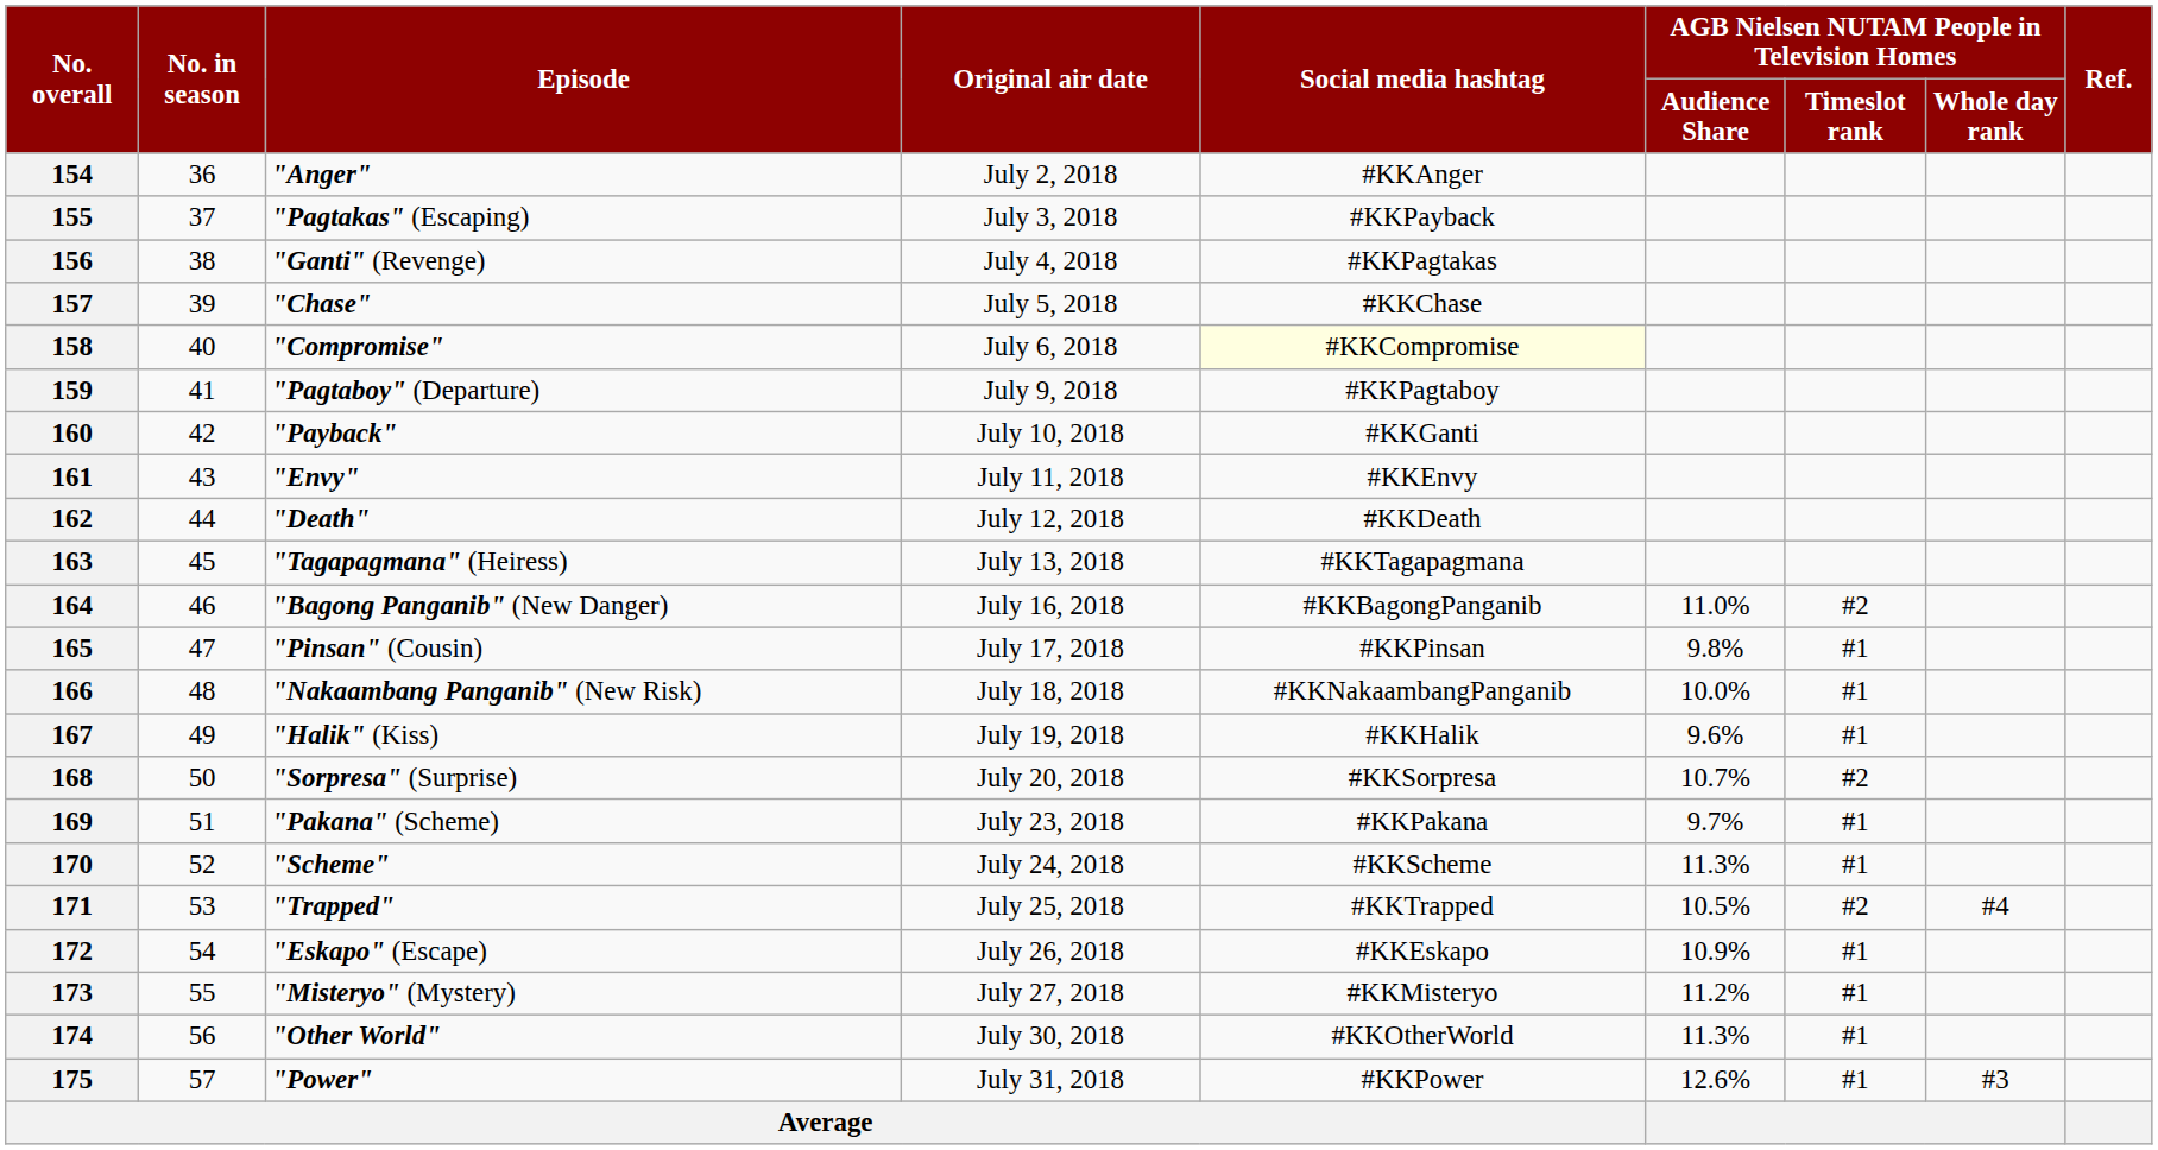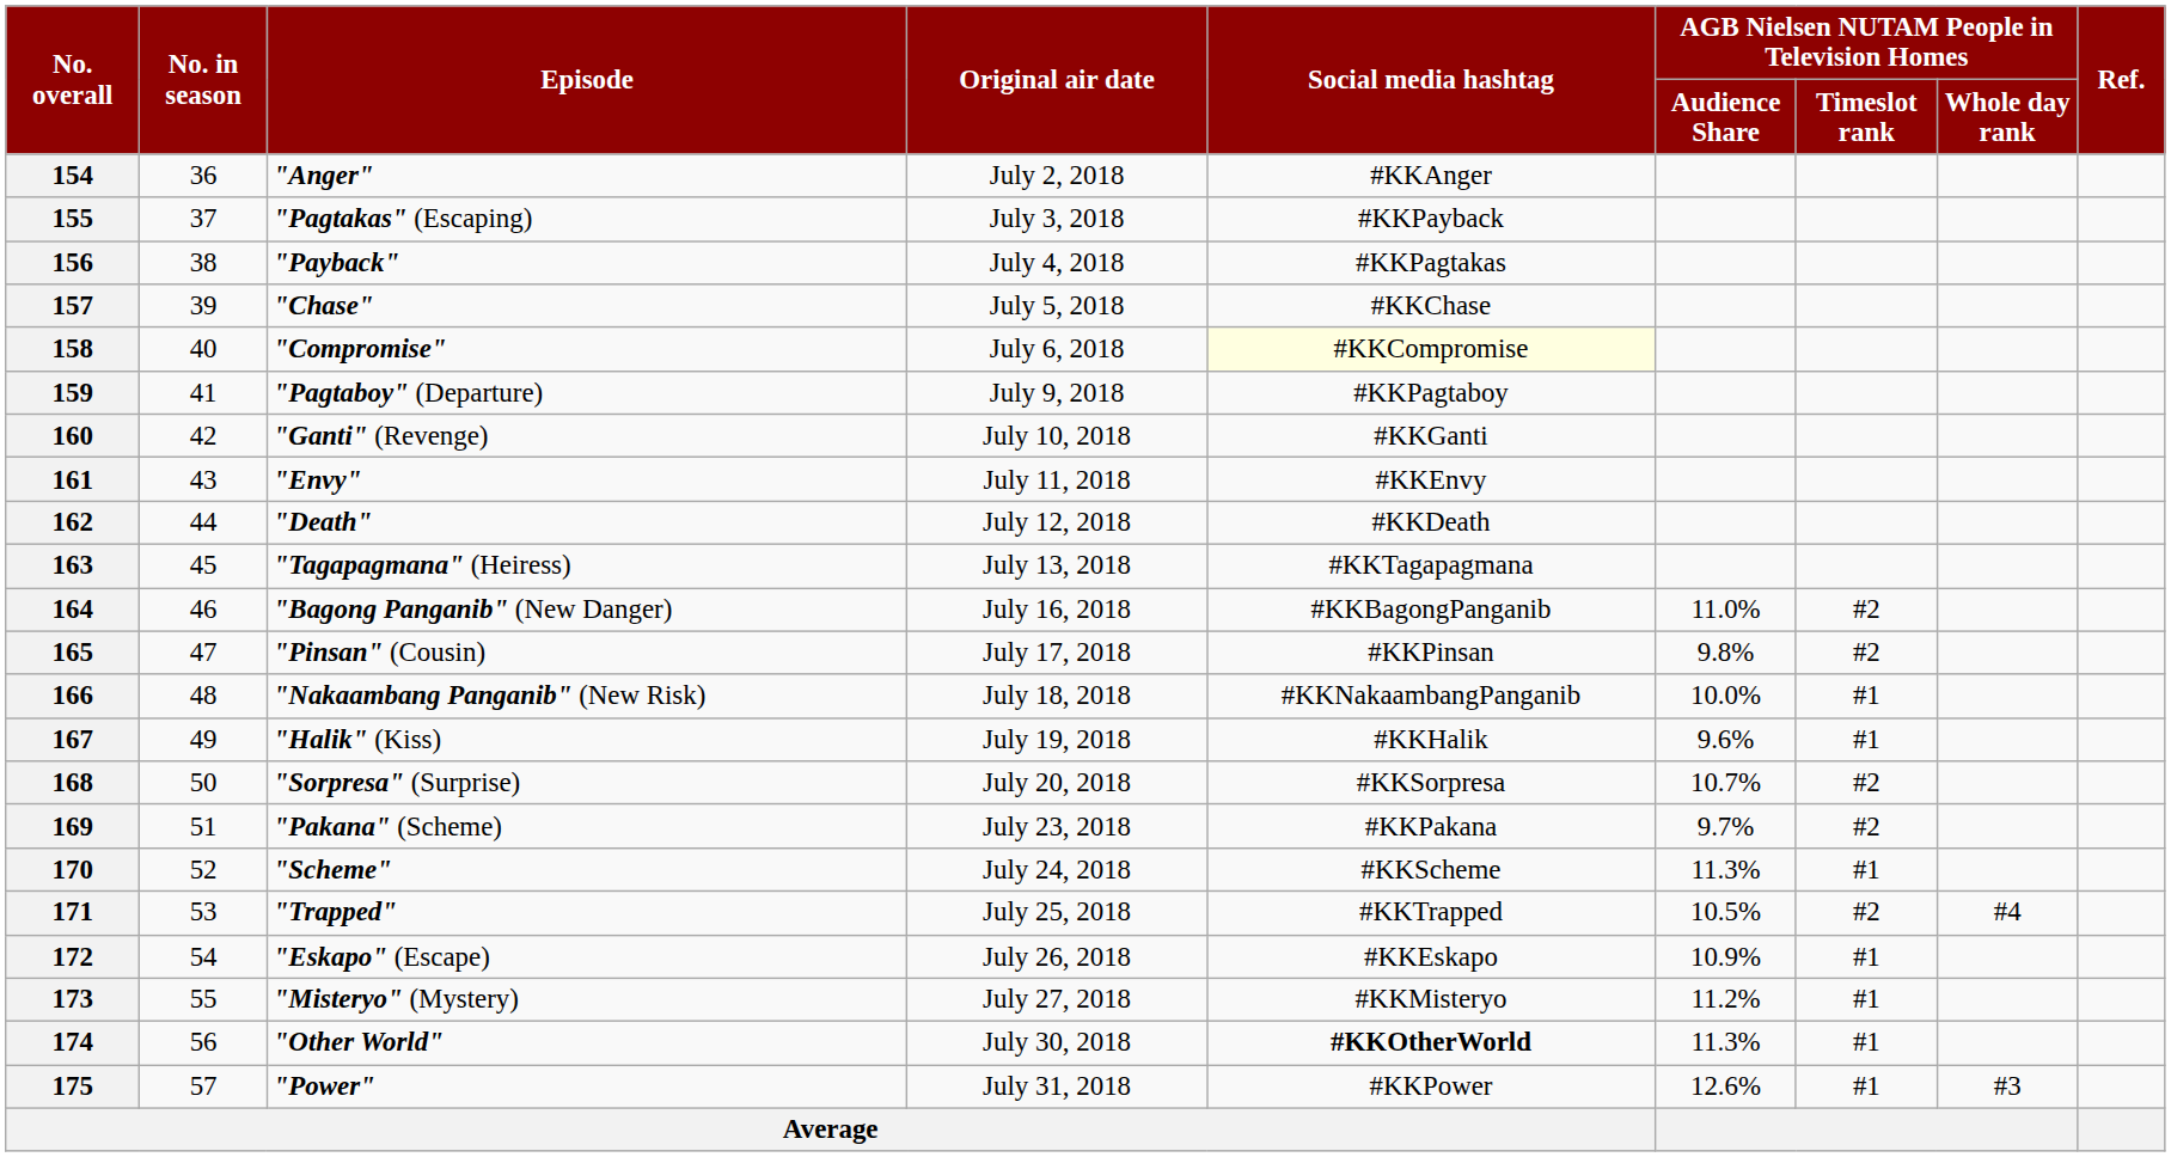 <table class="wikitable" style="text-align:center; font-size:100%; line-height:18px;" width="100%">
 <tr>
 <th style="background-color:#8e0101; color:#ffffff;" rowspan="2">No.<br>overall</th>
 <th style="background-color:#8e0101; color:#ffffff;" rowspan="2">No. in<br>season</th>
 <th style="background-color:#8e0101; color:#ffffff;" rowspan="2">Episode</th>
 <th style="background-color:#8e0101; color:white" rowspan="2">Original air date</th>
 <th style="background-color:#8e0101; color:white" rowspan="2">Social media hashtag</th>
 <th style="background-color:#8e0101; color:#ffffff;" colspan="3">AGB Nielsen NUTAM People in Television Homes</th>
 <th style="background-color:#8e0101; color:#ffffff;" rowspan="2">Ref.</th>
 </tr>
 <tr>
 <th style="background-color:#8e0101; width:75px; color:#ffffff;">Audience Share</th>
 <th style="background-color:#8e0101; width:75px; color:#ffffff;">Timeslot<br>rank</th>
 <th style="background-color:#8e0101; width:75px; color:#ffffff;">Whole day<br>rank</th>
 </tr>
 <tr>
 <th>154</th>
 <td>36</td>
 <td style="text-align: left;"><strong><em>"Anger"</em></strong></td>
 <td>July 2, 2018</td>
 <td>#KKAnger</td>
 <td></td>
 <td></td>
 <td></td>
 <td></td>
 </tr>
 <tr>
 <th>155</th>
 <td>37</td>
 <td style="text-align: left;"><strong><em>"Pagtakas"</em></strong> (Escaping)</td>
 <td>July 3, 2018</td>
 <td>#KKPayback</td>
 <td></td>
 <td></td>
 <td></td>
 <td></td>
 </tr>
 <tr>
 <th>156</th>
 <td>38</td>
-<td style="text-align: left;"><strong><em>"Ganti"</em></strong> (Revenge)</td>
+<td style="text-align: left;"><strong><em>"Payback"</em></strong></td>
 <td>July 4, 2018</td>
 <td>#KKPagtakas</td>
 <td></td>
 <td></td>
 <td></td>
 <td></td>
 </tr>
 <tr>
 <th>157</th>
 <td>39</td>
 <td style="text-align: left;"><strong><em>"Chase"</em></strong></td>
 <td>July 5, 2018</td>
 <td>#KKChase</td>
 <td></td>
 <td></td>
 <td></td>
 <td></td>
 </tr>
 <tr>
 <th>158</th>
 <td>40</td>
 <td style="text-align: left;"><strong><em>"Compromise"</em></strong></td>
 <td>July 6, 2018</td>
 <td style="background: lightyellow;">#KKCompromise</td>
 <td></td>
 <td></td>
 <td></td>
 <td></td>
 </tr>
 <tr>
 <th>159</th>
 <td>41</td>
 <td style="text-align: left;"><strong><em>"Pagtaboy"</em></strong> (Departure)</td>
 <td>July 9, 2018</td>
 <td>#KKPagtaboy</td>
 <td></td>
 <td></td>
 <td></td>
 <td></td>
 </tr>
 <tr>
 <th>160</th>
 <td>42</td>
-<td style="text-align: left;"><strong><em>"Payback"</em></strong></td>
+<td style="text-align: left;"><strong><em>"Ganti"</em></strong> (Revenge)</td>
 <td>July 10, 2018</td>
 <td>#KKGanti</td>
 <td></td>
 <td></td>
 <td></td>
 <td></td>
 </tr>
 <tr>
 <th>161</th>
 <td>43</td>
 <td style="text-align: left;"><strong><em>"Envy"</em></strong></td>
 <td>July 11, 2018</td>
 <td>#KKEnvy</td>
 <td></td>
 <td></td>
 <td></td>
 <td></td>
 </tr>
 <tr>
 <th>162</th>
 <td>44</td>
 <td style="text-align: left;"><strong><em>"Death"</em></strong></td>
 <td>July 12, 2018</td>
 <td>#KKDeath</td>
 <td></td>
 <td></td>
 <td></td>
 <td></td>
 </tr>
 <tr>
 <th>163</th>
 <td>45</td>
 <td style="text-align: left;"><strong><em>"Tagapagmana"</em></strong> (Heiress)</td>
 <td>July 13, 2018</td>
 <td>#KKTagapagmana</td>
 <td></td>
 <td></td>
 <td></td>
 <td></td>
 </tr>
 <tr>
 <th>164</th>
 <td>46</td>
 <td style="text-align: left;"><strong><em>"Bagong Panganib"</em></strong> (New Danger)</td>
 <td>July 16, 2018</td>
 <td>#KKBagongPanganib</td>
 <td>11.0%</td>
 <td>#2</td>
 <td></td>
 <td></td>
 </tr>
 <tr>
 <th>165</th>
 <td>47</td>
 <td style="text-align: left;"><strong><em>"Pinsan"</em></strong> (Cousin)</td>
 <td>July 17, 2018</td>
 <td>#KKPinsan</td>
 <td>9.8%</td>
-<td>#1</td>
+<td>#2</td>
 <td></td>
 <td></td>
 </tr>
 <tr>
 <th>166</th>
 <td>48</td>
 <td style="text-align: left;"><strong><em>"Nakaambang Panganib"</em></strong> (New Risk)</td>
 <td>July 18, 2018</td>
 <td>#KKNakaambangPanganib</td>
 <td>10.0%</td>
 <td>#1</td>
 <td></td>
 <td></td>
 </tr>
 <tr>
 <th>167</th>
 <td>49</td>
 <td style="text-align: left;"><strong><em>"Halik"</em></strong> (Kiss)</td>
 <td>July 19, 2018</td>
 <td>#KKHalik</td>
 <td>9.6%</td>
 <td>#1</td>
 <td></td>
 <td></td>
 </tr>
 <tr>
 <th>168</th>
 <td>50</td>
 <td style="text-align: left;"><strong><em>"Sorpresa"</em></strong> (Surprise)</td>
 <td>July 20, 2018</td>
 <td>#KKSorpresa</td>
 <td>10.7%</td>
 <td>#2</td>
 <td></td>
 <td></td>
 </tr>
 <tr>
 <th>169</th>
 <td>51</td>
 <td style="text-align: left;"><strong><em>"Pakana"</em></strong> (Scheme)</td>
 <td>July 23, 2018</td>
 <td>#KKPakana</td>
 <td>9.7%</td>
-<td>#1</td>
+<td>#2</td>
 <td></td>
 <td></td>
 </tr>
 <tr>
 <th>170</th>
 <td>52</td>
 <td style="text-align: left;"><strong><em>"Scheme"</em></strong></td>
 <td>July 24, 2018</td>
 <td>#KKScheme</td>
 <td>11.3%</td>
 <td>#1</td>
 <td></td>
 <td></td>
 </tr>
 <tr>
 <th>171</th>
 <td>53</td>
 <td style="text-align: left;"><strong><em>"Trapped"</em></strong></td>
 <td>July 25, 2018</td>
 <td>#KKTrapped</td>
 <td>10.5%</td>
 <td>#2</td>
 <td>#4</td>
 <td></td>
 </tr>
 <tr>
 <th>172</th>
 <td>54</td>
 <td style="text-align: left;"><strong><em>"Eskapo"</em></strong> (Escape)</td>
 <td>July 26, 2018</td>
 <td>#KKEskapo</td>
 <td>10.9%</td>
 <td>#1</td>
 <td></td>
 <td></td>
 </tr>
 <tr>
 <th>173</th>
 <td>55</td>
 <td style="text-align: left;"><strong><em>"Misteryo"</em></strong> (Mystery)</td>
 <td>July 27, 2018</td>
 <td>#KKMisteryo</td>
 <td>11.2%</td>
 <td>#1</td>
 <td></td>
 <td></td>
 </tr>
 <tr>
 <th>174</th>
 <td>56</td>
 <td style="text-align: left;"><strong><em>"Other World"</em></strong></td>
 <td>July 30, 2018</td>
-<td>#KKOtherWorld</td>
+<td><strong>#KKOtherWorld</strong></td>
 <td>11.3%</td>
 <td>#1</td>
 <td></td>
 <td></td>
 </tr>
 <tr>
 <th>175</th>
 <td>57</td>
 <td style="text-align: left;"><strong><em>"Power"</em></strong></td>
 <td>July 31, 2018</td>
 <td>#KKPower</td>
 <td>12.6%</td>
 <td>#1</td>
 <td>#3</td>
 <td></td>
 </tr>
 <tr>
 <th colspan="5">Average</th>
 <th colspan="3"></th>
 <th></th>
 </tr>
 </table>
